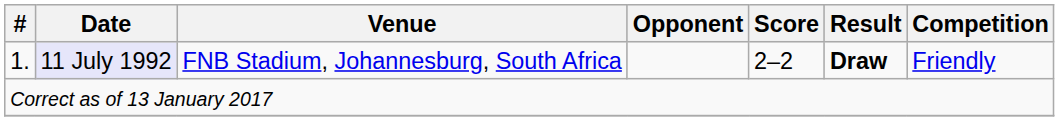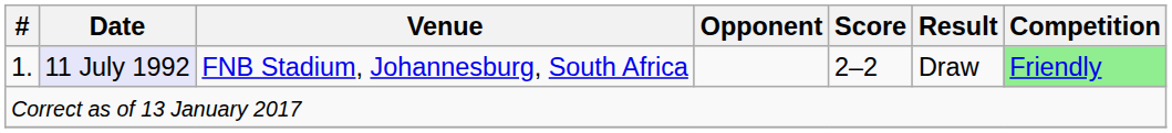 <table class="wikitable" style="font-size:95%;">
 <tr>
 <th>#</th>
 <th>Date</th>
 <th>Venue</th>
 <th>Opponent</th>
 <th>Score</th>
 <th>Result</th>
 <th>Competition</th>
 </tr>
 <tr>
 <td>1.</td>
 <td style="background: lavender;">11 July 1992</td>
 <td><a href='#'>FNB Stadium</a>, <a href='#'>Johannesburg</a>, <a href='#'>South Africa</a></td>
 <td></td>
 <td>2–2</td>
-<td><strong>Draw</strong></td>
-<td><a href='#'>Friendly</a></td>
+<td>Draw</td>
+<td style="background: lightgreen;"><a href='#'>Friendly</a></td>
 </tr>
 <tr>
 <td colspan="12"><small><em>Correct as of 13 January 2017</em></small></td>
 </tr>
 <tr>
 </tr>
 </table>
